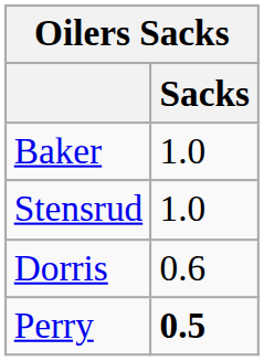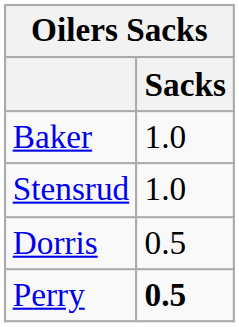 <table class="wikitable">
 <tr>
 <th colspan="2">Oilers Sacks</th>
 </tr>
 <tr>
 <th></th>
 <th>Sacks</th>
 </tr>
 <tr>
 <td><a href='#'>Baker</a></td>
 <td>1.0</td>
 </tr>
 <tr>
 <td><a href='#'>Stensrud</a></td>
 <td>1.0</td>
 </tr>
 <tr>
 <td><a href='#'>Dorris</a></td>
-<td>0.6</td>
+<td>0.5</td>
 </tr>
 <tr>
 <td><a href='#'>Perry</a></td>
 <td><strong>0.5</strong></td>
 </tr>
 </table>
